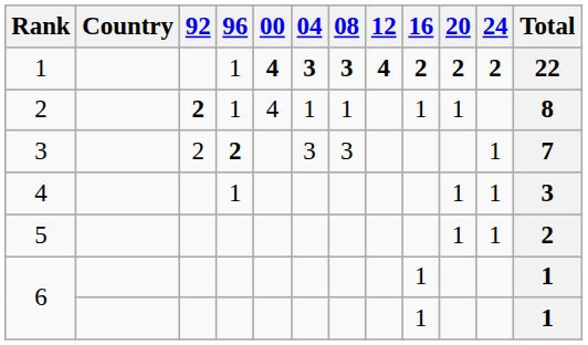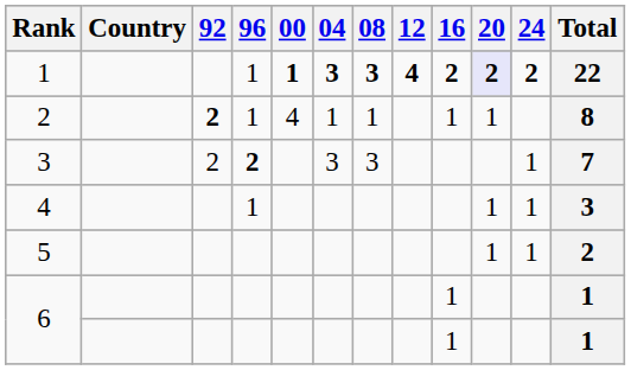 <table class=wikitable style="font-size:90%; text-align:center">
 <tr>
 <th>Rank</th>
 <th>Country</th>
 <th><a href='#'>92</a></th>
 <th><a href='#'>96</a></th>
 <th><a href='#'>00</a></th>
 <th><a href='#'>04</a></th>
 <th><a href='#'>08</a></th>
 <th><a href='#'>12</a></th>
 <th><a href='#'>16</a></th>
 <th><a href='#'>20</a></th>
 <th><a href='#'>24</a></th>
 <th>Total</th>
 </tr>
 <tr>
 <td>1</td>
 <td align=left></td>
 <td></td>
 <td>1</td>
-<td><strong>4</strong></td>
+<td><strong>1</strong></td>
 <td><strong>3</strong></td>
 <td><strong>3</strong></td>
 <td><strong>4</strong></td>
 <td><strong>2</strong></td>
-<td><strong>2</strong></td>
+<td style="background: lavender;"><strong>2</strong></td>
 <td><strong>2</strong></td>
 <th>22</th>
 </tr>
 <tr>
 <td>2</td>
 <td align=left></td>
 <td><strong>2</strong></td>
 <td>1</td>
 <td>4</td>
 <td>1</td>
 <td>1</td>
 <td></td>
 <td>1</td>
 <td>1</td>
 <td></td>
 <th>8</th>
 </tr>
 <tr>
 <td>3</td>
 <td align=left></td>
 <td>2</td>
 <td><strong>2</strong></td>
 <td></td>
 <td>3</td>
 <td>3</td>
 <td></td>
 <td></td>
 <td></td>
 <td>1</td>
 <th>7</th>
 </tr>
 <tr>
 <td>4</td>
 <td align=left></td>
 <td></td>
 <td>1</td>
 <td></td>
 <td></td>
 <td></td>
 <td></td>
 <td></td>
 <td>1</td>
 <td>1</td>
 <th>3</th>
 </tr>
 <tr>
 <td>5</td>
 <td align=left></td>
 <td></td>
 <td></td>
 <td></td>
 <td></td>
 <td></td>
 <td></td>
 <td></td>
 <td>1</td>
 <td>1</td>
 <th>2</th>
 </tr>
 <tr>
 <td rowspan=2>6</td>
 <td align=left></td>
 <td></td>
 <td></td>
 <td></td>
 <td></td>
 <td></td>
 <td></td>
 <td>1</td>
 <td></td>
 <td></td>
 <th>1</th>
 </tr>
 <tr>
 <td align=left></td>
 <td></td>
 <td></td>
 <td></td>
 <td></td>
 <td></td>
 <td></td>
 <td>1</td>
 <td></td>
 <td></td>
 <th>1</th>
 </tr>
 </table>
